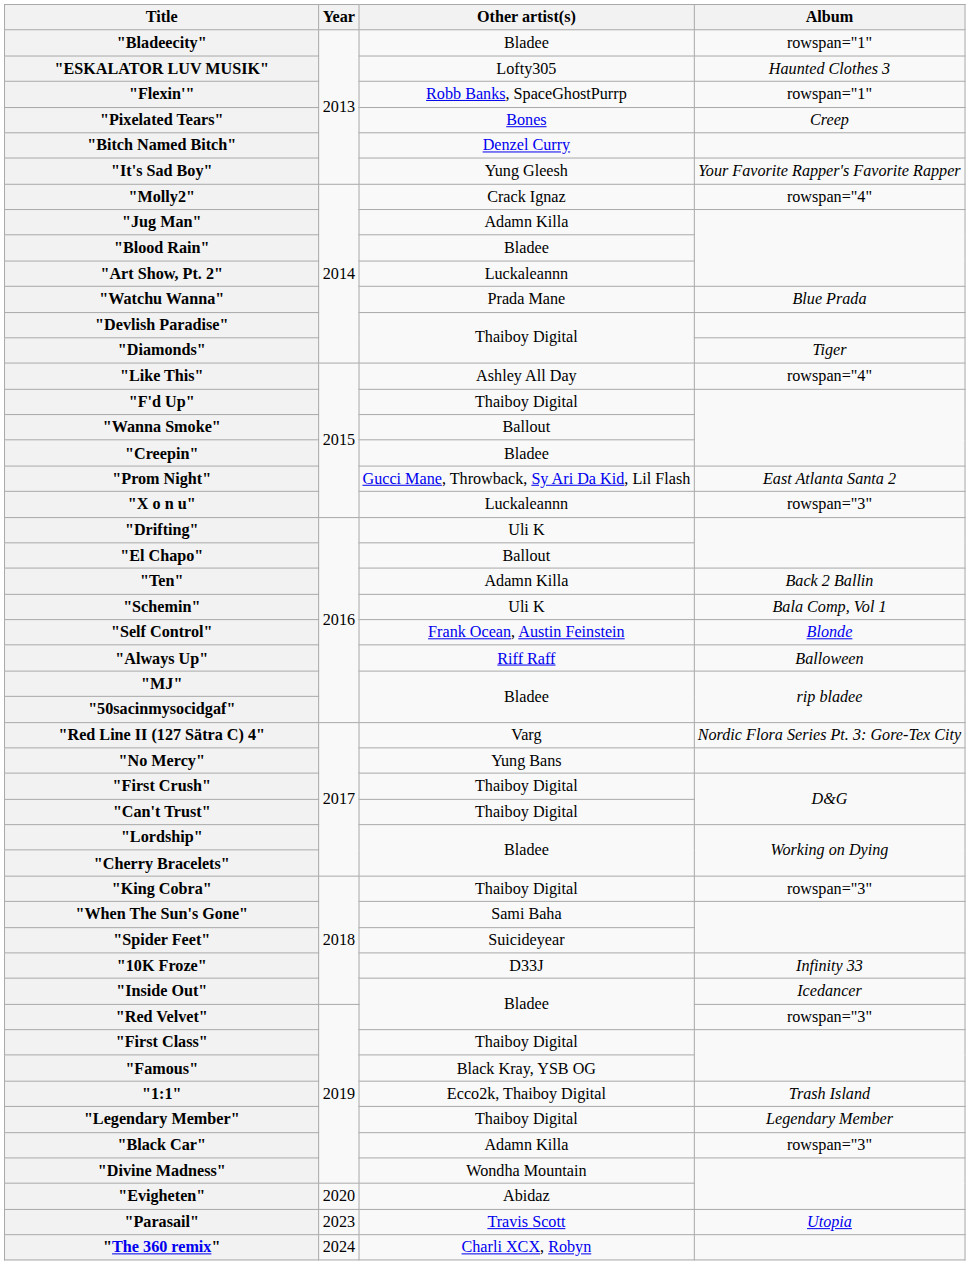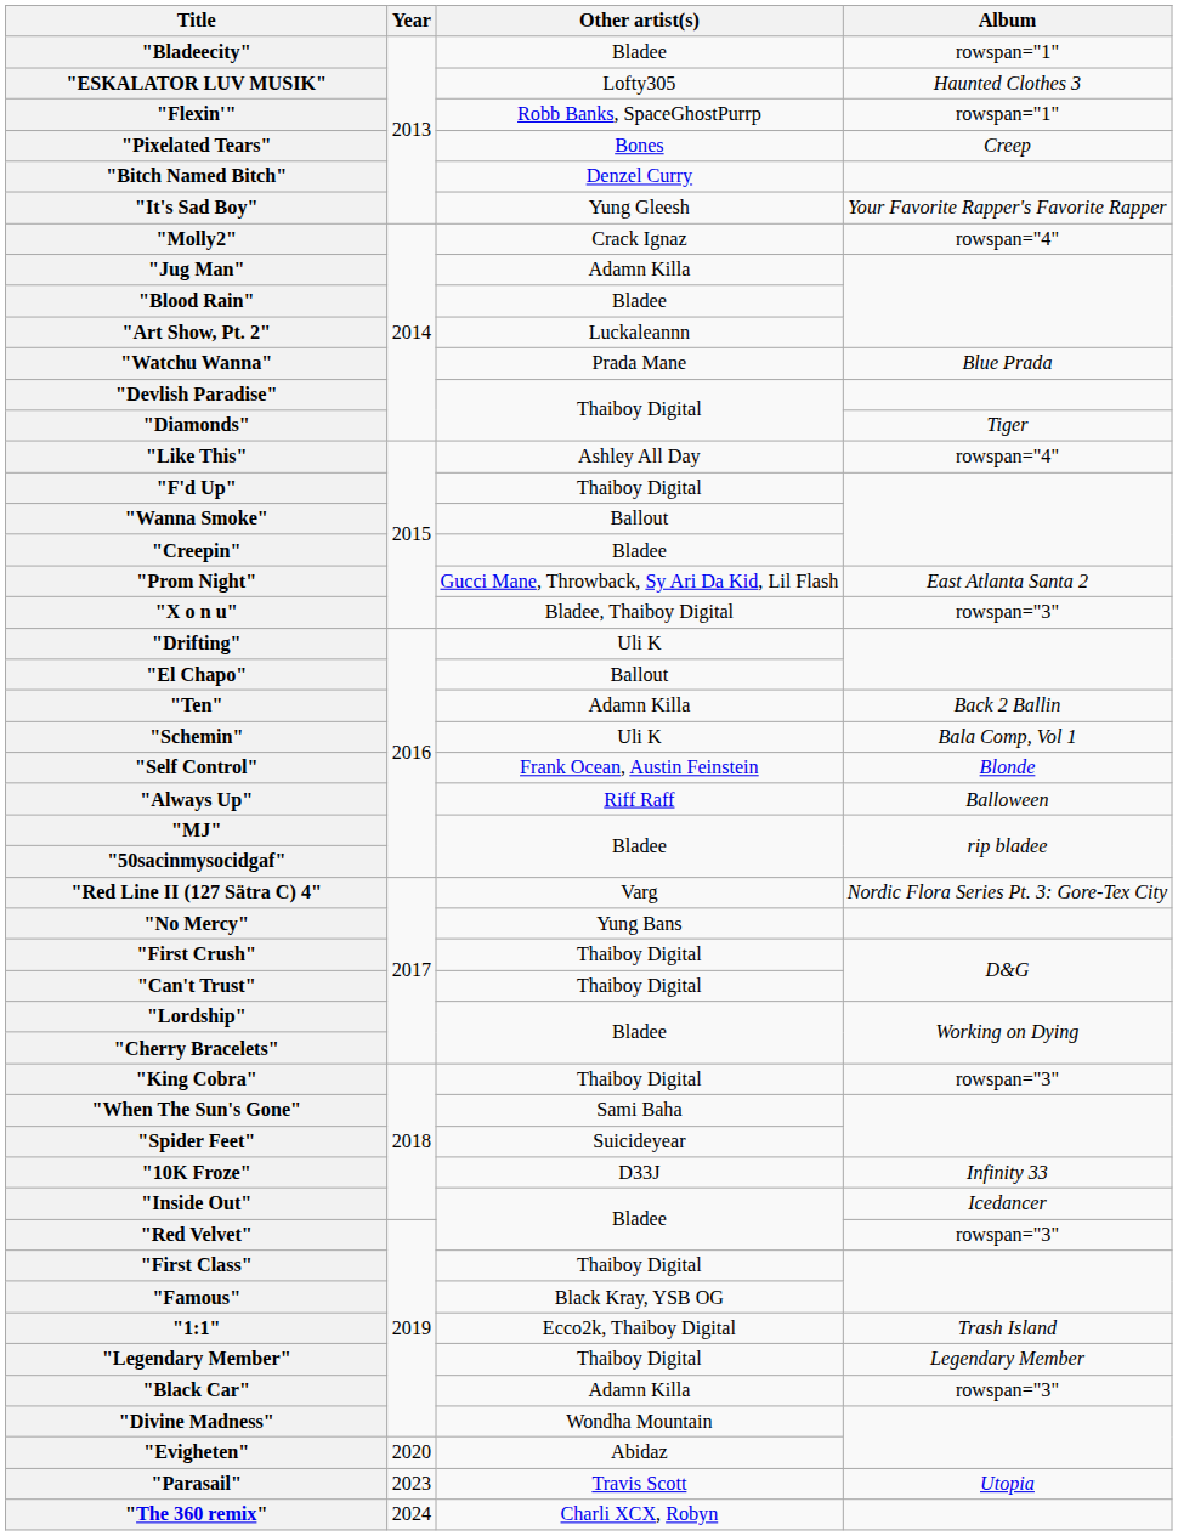 <table class="wikitable plainrowheaders" style="text-align:center;">
 <tr>
 <th scope="col" style="width:19em;">Title</th>
 <th scope="col">Year</th>
 <th scope="col">Other artist(s)</th>
 <th scope="col">Album</th>
 </tr>
 <tr>
 <th scope="row">"Bladeecity"</th>
 <td rowspan="6">2013</td>
 <td>Bladee</td>
 <td>rowspan="1" </td>
 </tr>
 <tr>
 <th scope="row">"ESKALATOR LUV MUSIK"</th>
 <td>Lofty305</td>
 <td><em>Haunted Clothes 3</em></td>
 </tr>
 <tr>
 <th scope="row">"Flexin'"</th>
 <td><a href='#'>Robb Banks</a>, SpaceGhostPurrp</td>
 <td>rowspan="1" </td>
 </tr>
 <tr>
 <th scope="row">"Pixelated Tears"</th>
 <td><a href='#'>Bones</a></td>
 <td><em>Creep</em></td>
 </tr>
 <tr>
 <th scope="row">"Bitch Named Bitch"</th>
 <td><a href='#'>Denzel Curry</a></td>
 <td></td>
 </tr>
 <tr>
 <th scope="row">"It's Sad Boy"</th>
 <td>Yung Gleesh</td>
 <td><em>Your Favorite Rapper's Favorite Rapper</em></td>
 </tr>
 <tr>
 <th scope="row">"Molly2"</th>
 <td rowspan="7">2014</td>
 <td>Crack Ignaz</td>
 <td>rowspan="4" </td>
 </tr>
 <tr>
 <th scope="row">"Jug Man"</th>
 <td>Adamn Killa</td>
 </tr>
 <tr>
 <th scope="row">"Blood Rain"</th>
 <td>Bladee</td>
 </tr>
 <tr>
 <th scope="row">"Art Show, Pt. 2"</th>
 <td>Luckaleannn</td>
 </tr>
 <tr>
 <th scope="row">"Watchu Wanna"</th>
 <td>Prada Mane</td>
 <td><em>Blue Prada</em></td>
 </tr>
 <tr>
 <th scope="row">"Devlish Paradise"</th>
 <td rowspan="2">Thaiboy Digital</td>
 <td></td>
 </tr>
 <tr>
 <th scope="row">"Diamonds"</th>
 <td><em>Tiger</em></td>
 </tr>
 <tr>
 <th scope="row">"Like This"</th>
 <td rowspan="6">2015</td>
 <td>Ashley All Day</td>
 <td>rowspan="4" </td>
 </tr>
 <tr>
 <th scope="row">"F'd Up"</th>
 <td>Thaiboy Digital</td>
 </tr>
 <tr>
 <th scope="row">"Wanna Smoke"</th>
 <td>Ballout</td>
 </tr>
 <tr>
 <th scope="row">"Creepin"</th>
 <td>Bladee</td>
 </tr>
 <tr>
 <th scope="row">"Prom Night"</th>
 <td><a href='#'>Gucci Mane</a>, Throwback, <a href='#'>Sy Ari Da Kid</a>, Lil Flash</td>
 <td><em>East Atlanta Santa 2</em></td>
 </tr>
 <tr>
 <th scope="row">"X o n u"</th>
-<td>Luckaleannn</td>
+<td>Bladee, Thaiboy Digital</td>
 <td>rowspan="3" </td>
 </tr>
 <tr>
 <th scope="row">"Drifting"</th>
 <td rowspan="8">2016</td>
 <td>Uli K</td>
 </tr>
 <tr>
 <th scope="row">"El Chapo"</th>
 <td>Ballout</td>
 </tr>
 <tr>
 <th scope="row">"Ten"</th>
 <td>Adamn Killa</td>
 <td><em>Back 2 Ballin</em></td>
 </tr>
 <tr>
 <th scope="row">"Schemin"</th>
 <td>Uli K</td>
 <td><em>Bala Comp, Vol 1</em></td>
 </tr>
 <tr>
 <th scope="row">"Self Control"</th>
 <td><a href='#'>Frank Ocean</a>, <a href='#'>Austin Feinstein</a></td>
 <td><em><a href='#'>Blonde</a></em></td>
 </tr>
 <tr>
 <th scope="row">"Always Up"</th>
 <td><a href='#'>Riff Raff</a></td>
 <td><em>Balloween</em></td>
 </tr>
 <tr>
 <th scope="row">"MJ"</th>
 <td rowspan="2">Bladee</td>
 <td rowspan="2"><em>rip bladee</em></td>
 </tr>
 <tr>
 <th scope="row">"50sacinmysocidgaf"</th>
 </tr>
 <tr>
 <th scope="row">"Red Line II (127 Sätra C) 4"</th>
 <td rowspan="6">2017</td>
 <td>Varg</td>
 <td><em>Nordic Flora Series Pt. 3: Gore-Tex City</em></td>
 </tr>
 <tr>
 <th scope="row">"No Mercy"</th>
 <td>Yung Bans</td>
 <td></td>
 </tr>
 <tr>
 <th scope="row">"First Crush"</th>
 <td>Thaiboy Digital</td>
 <td rowspan="2"><em>D&G</em></td>
 </tr>
 <tr>
 <th scope="row">"Can't Trust"</th>
 <td>Thaiboy Digital</td>
 </tr>
 <tr>
 <th scope="row">"Lordship"</th>
 <td rowspan="2">Bladee</td>
 <td rowspan="2"><em>Working on Dying</em></td>
 </tr>
 <tr>
 <th scope="row">"Cherry Bracelets"</th>
 </tr>
 <tr>
 <th scope="row">"King Cobra"</th>
 <td rowspan="5">2018</td>
 <td>Thaiboy Digital</td>
 <td>rowspan="3" </td>
 </tr>
 <tr>
 <th scope="row">"When The Sun's Gone"</th>
 <td>Sami Baha</td>
 </tr>
 <tr>
 <th scope="row">"Spider Feet"</th>
 <td>Suicideyear</td>
 </tr>
 <tr>
 <th scope="row">"10K Froze"</th>
 <td>D33J</td>
 <td><em>Infinity 33</em></td>
 </tr>
 <tr>
 <th scope="row">"Inside Out"</th>
 <td rowspan="2">Bladee</td>
 <td><em>Icedancer</em></td>
 </tr>
 <tr>
 <th scope="row">"Red Velvet"</th>
 <td rowspan="7">2019</td>
 <td>rowspan="3" </td>
 </tr>
 <tr>
 <th scope="row">"First Class"</th>
 <td>Thaiboy Digital</td>
 </tr>
 <tr>
 <th scope="row">"Famous"</th>
 <td>Black Kray, YSB OG</td>
 </tr>
 <tr>
 <th scope="row">"1:1"</th>
 <td>Ecco2k, Thaiboy Digital</td>
 <td><em>Trash Island</em></td>
 </tr>
 <tr>
 <th scope="row">"Legendary Member"</th>
 <td>Thaiboy Digital</td>
 <td><em>Legendary Member</em></td>
 </tr>
 <tr>
 <th scope="row">"Black Car"</th>
 <td>Adamn Killa</td>
 <td>rowspan="3" </td>
 </tr>
 <tr>
 <th scope="row">"Divine Madness"</th>
 <td>Wondha Mountain</td>
 </tr>
 <tr>
 <th scope="row">"Evigheten"</th>
 <td rowspan="1">2020</td>
 <td>Abidaz</td>
 </tr>
 <tr>
 <th scope="row">"Parasail"</th>
 <td>2023</td>
 <td><a href='#'>Travis Scott</a></td>
 <td><em><a href='#'>Utopia</a></em></td>
 </tr>
 <tr>
 <th scope="row">"<a href='#'>The 360 remix</a>"</th>
 <td>2024</td>
 <td><a href='#'>Charli XCX</a>, <a href='#'>Robyn</a></td>
 <td></td>
 </tr>
 </table>
